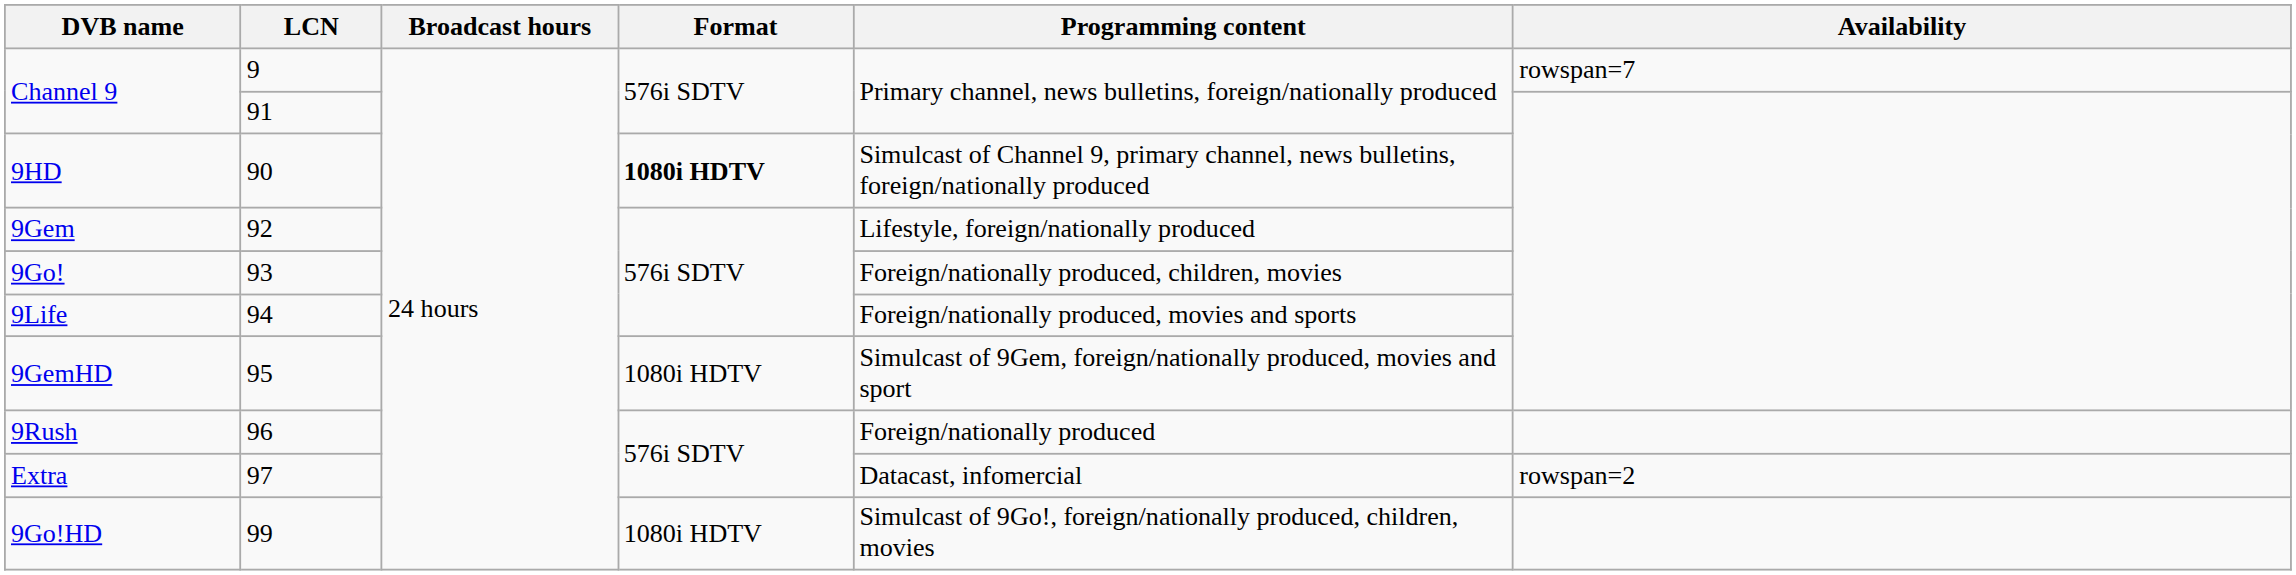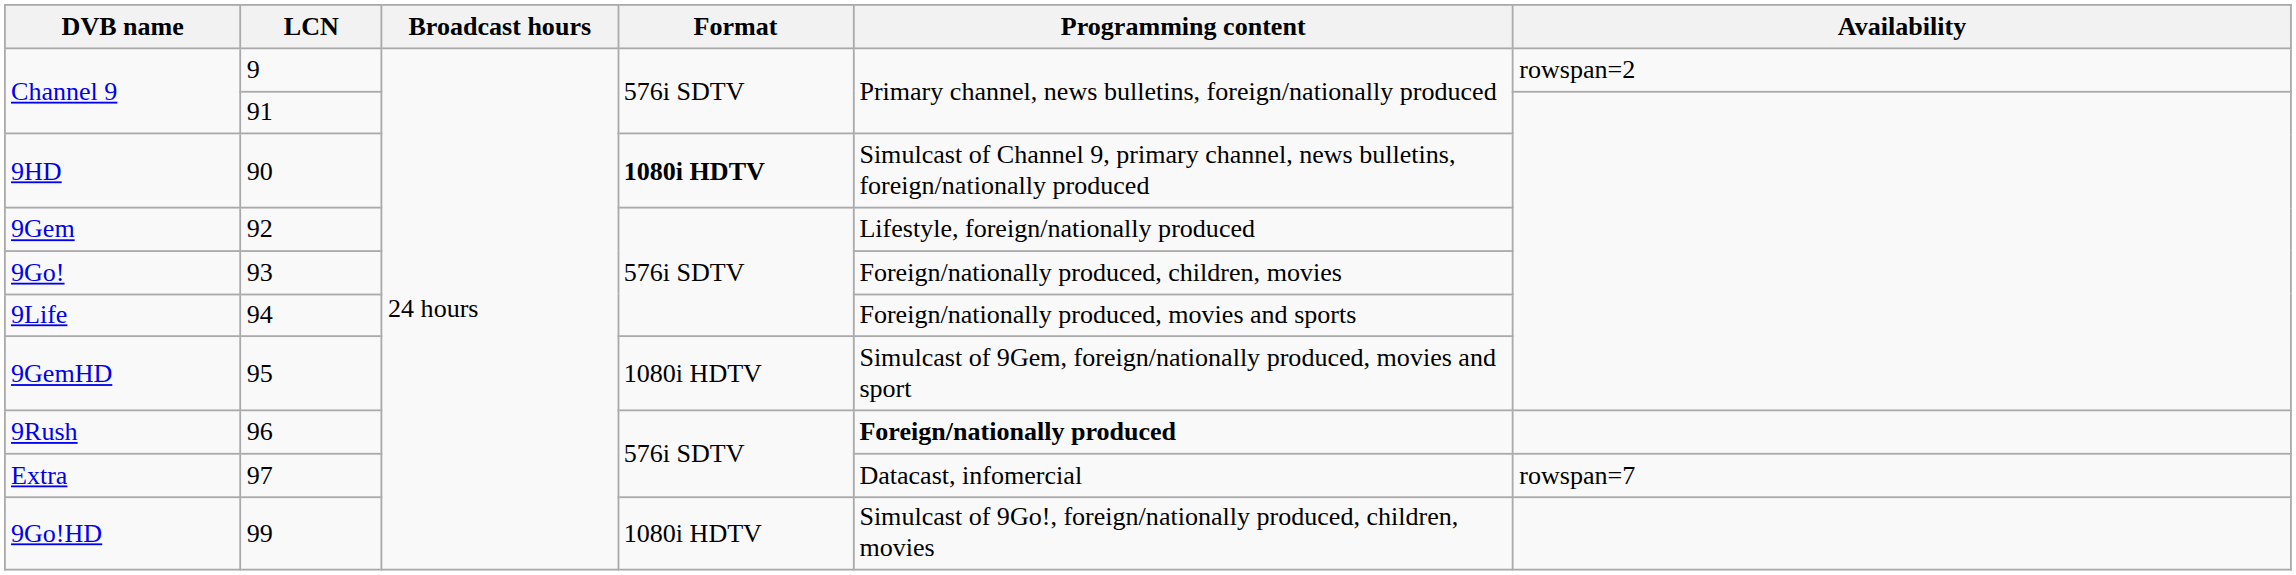 <table class="wikitable" style="font-size:90%; width:100%;">
 <tr>
 <th width="10%">DVB name</th>
 <th width="6%">LCN</th>
 <th width="10%">Broadcast hours</th>
 <th width="10%">Format</th>
 <th width="28%">Programming content</th>
 <th width="33%">Availability</th>
 </tr>
 <tr>
 <td rowspan=2><a href='#'>Channel 9</a></td>
 <td>9</td>
 <td rowspan=10>24 hours</td>
 <td rowspan=2>576i SDTV</td>
 <td rowspan=2>Primary channel, news bulletins, foreign/nationally produced </td>
-<td>rowspan=7 </td>
+<td>rowspan=2 </td>
 </tr>
 <tr>
 <td>91</td>
 </tr>
 <tr>
 <td><a href='#'>9HD</a></td>
 <td>90</td>
 <td><strong>1080i HDTV<br></strong></td>
 <td>Simulcast of Channel 9, primary channel, news bulletins, foreign/nationally produced </td>
 </tr>
 <tr>
 <td><a href='#'>9Gem</a></td>
 <td>92</td>
 <td rowspan=3>576i SDTV</td>
 <td>Lifestyle, foreign/nationally produced </td>
 </tr>
 <tr>
 <td><a href='#'>9Go!</a></td>
 <td>93</td>
 <td>Foreign/nationally produced, children, movies </td>
 </tr>
 <tr>
 <td><a href='#'>9Life</a></td>
 <td>94</td>
 <td>Foreign/nationally produced, movies and sports </td>
 </tr>
 <tr>
 <td><a href='#'>9GemHD</a></td>
 <td>95</td>
 <td>1080i HDTV<br></td>
 <td>Simulcast of 9Gem, foreign/nationally produced, movies and sport </td>
 </tr>
 <tr>
 <td><a href='#'>9Rush</a></td>
 <td>96</td>
 <td rowspan=2>576i SDTV</td>
-<td>Foreign/nationally produced </td>
+<td><strong>Foreign/nationally produced </strong></td>
 <td></td>
 </tr>
 <tr>
 <td><a href='#'>Extra</a></td>
 <td>97</td>
 <td>Datacast, infomercial </td>
-<td>rowspan=2 </td>
+<td>rowspan=7 </td>
 </tr>
 <tr>
 <td><a href='#'>9Go!HD</a></td>
 <td>99</td>
 <td>1080i HDTV<br></td>
 <td>Simulcast of 9Go!, foreign/nationally produced, children, movies </td>
 </tr>
 </table>
